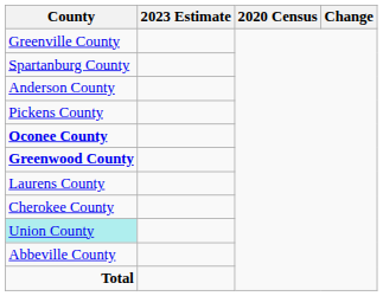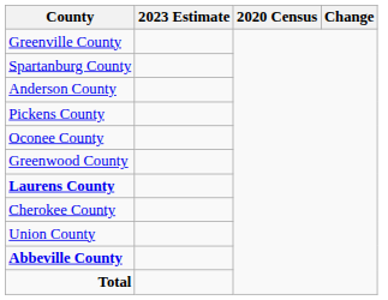 <table class="wikitable sortable">
 <tr>
 <th>County</th>
 <th>2023 Estimate</th>
 <th>2020 Census</th>
 <th>Change</th>
 </tr>
 <tr>
 <td><a href='#'>Greenville County</a></td>
 <td></td>
 </tr>
 <tr>
 <td><a href='#'>Spartanburg County</a></td>
 <td></td>
 </tr>
 <tr>
 <td><a href='#'>Anderson County</a></td>
 <td></td>
 </tr>
 <tr>
 <td><a href='#'>Pickens County</a></td>
 <td></td>
 </tr>
 <tr>
-<td><strong><a href='#'>Oconee County</a></strong></td>
+<td><a href='#'>Oconee County</a></td>
 <td></td>
 </tr>
 <tr>
-<td><strong><a href='#'>Greenwood County</a></strong></td>
+<td><a href='#'>Greenwood County</a></td>
 <td></td>
 </tr>
 <tr>
-<td><a href='#'>Laurens County</a></td>
+<td><strong><a href='#'>Laurens County</a></strong></td>
 <td></td>
 </tr>
 <tr>
 <td><a href='#'>Cherokee County</a></td>
 <td></td>
 </tr>
 <tr>
-<td style="background: paleturquoise;"><a href='#'>Union County</a></td>
+<td><a href='#'>Union County</a></td>
 <td></td>
 </tr>
 <tr>
-<td><a href='#'>Abbeville County</a></td>
+<td><strong><a href='#'>Abbeville County</a></strong></td>
 <td></td>
 </tr>
 <tr class=sortbottom>
 <td align=right><strong>Total</strong></td>
 <td></td>
 </tr>
 </table>
